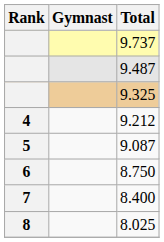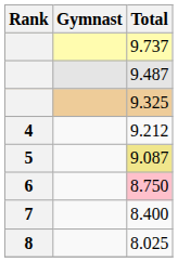 <table class="wikitable sortable" style="text-align:center; font-size:95%">
 <tr>
 <th scope=col>Rank</th>
 <th scope=col>Gymnast</th>
 <th scope=col>Total</th>
 </tr>
 <tr bgcolor=fffcaf>
 <th scope=row style="text-align:center"></th>
 <td align=left></td>
 <td>9.737</td>
 </tr>
 <tr bgcolor=e5e5e5>
 <th scope=row style="text-align:center"></th>
 <td align=left></td>
 <td>9.487</td>
 </tr>
 <tr bgcolor=eecc99>
 <th scope=row style="text-align:center"></th>
 <td align=left></td>
 <td>9.325</td>
 </tr>
 <tr>
 <th scope=row style="text-align:center">4</th>
 <td align=left></td>
 <td>9.212</td>
 </tr>
 <tr>
 <th scope=row style="text-align:center">5</th>
 <td align=left></td>
-<td>9.087</td>
+<td style="background: khaki;">9.087</td>
 </tr>
 <tr>
 <th scope=row style="text-align:center">6</th>
 <td align=left></td>
-<td>8.750</td>
+<td style="background: pink;">8.750</td>
 </tr>
 <tr>
 <th scope=row style="text-align:center">7</th>
 <td align=left></td>
 <td>8.400</td>
 </tr>
 <tr>
 <th scope=row style="text-align:center">8</th>
 <td align=left></td>
 <td>8.025</td>
 </tr>
 <tr>
 </tr>
 </table>
